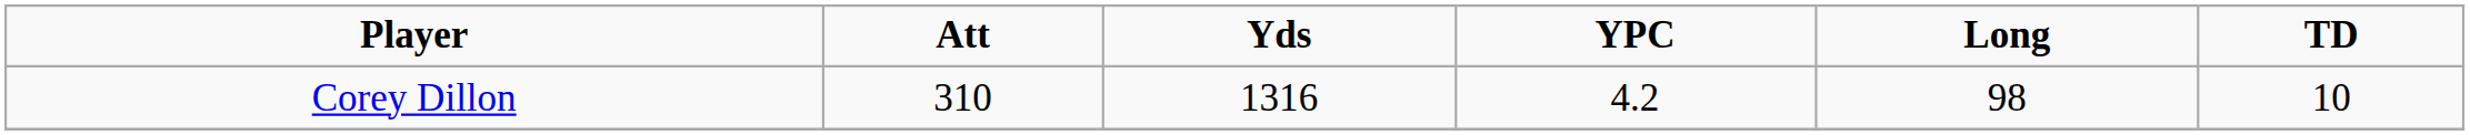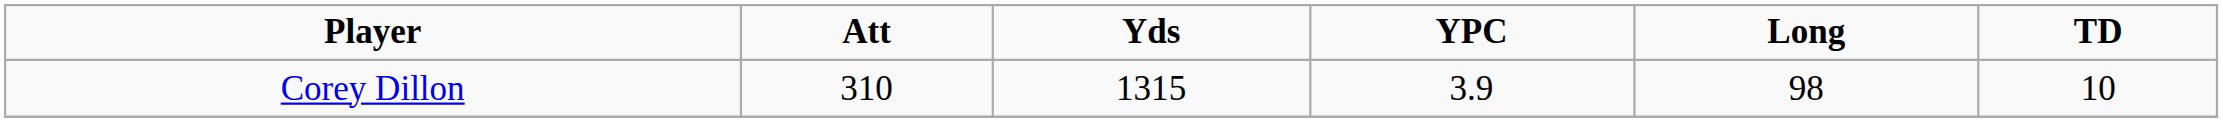 <table class="wikitable" width="80%">
 <tr align="center">
 <td><strong>Player</strong></td>
 <td><strong>Att</strong></td>
 <td><strong>Yds</strong></td>
 <td><strong>YPC</strong></td>
 <td><strong>Long</strong></td>
 <td><strong>TD</strong></td>
 </tr>
 <tr align="center" bgcolor="">
 <td><a href='#'>Corey Dillon</a></td>
 <td>310</td>
-<td>1316</td>
-<td>4.2</td>
+<td>1315</td>
+<td>3.9</td>
 <td>98</td>
 <td>10</td>
 </tr>
 <tr align="center" bgcolor="">
 </tr>
 </table>
